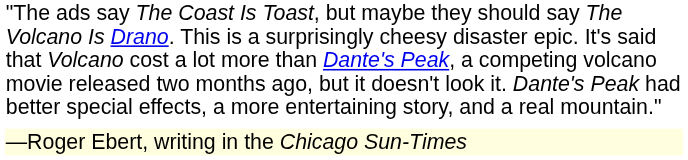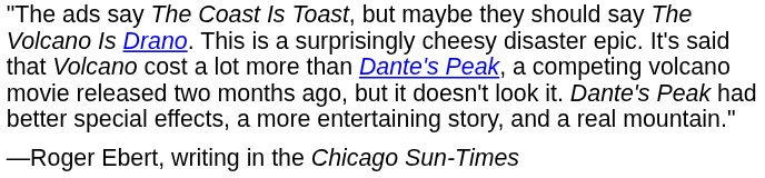 <table class="toccolours" style="float: left; margin-left: 1em; margin-right: 2em; font-size: 85%; color:black; width:40em; max-width: 35%;" cellspacing="5">
 <tr>
 <td style="text-align: left;">"The ads say <em>The Coast Is Toast</em>, but maybe they should say <em>The Volcano Is <a href='#'>Drano</a></em>. This is a surprisingly cheesy disaster epic. It's said that <em>Volcano</em> cost a lot more than <em><a href='#'>Dante's Peak</a></em>, a competing volcano movie released two months ago, but it doesn't look it. <em>Dante's Peak</em> had better special effects, a more entertaining story, and a real mountain."</td>
 </tr>
 <tr>
-<td style="background: lightyellow; text-align: left;">—Roger Ebert, writing in the <em>Chicago Sun-Times</em></td>
+<td style="text-align: left;">—Roger Ebert, writing in the <em>Chicago Sun-Times</em></td>
 </tr>
 </table>
